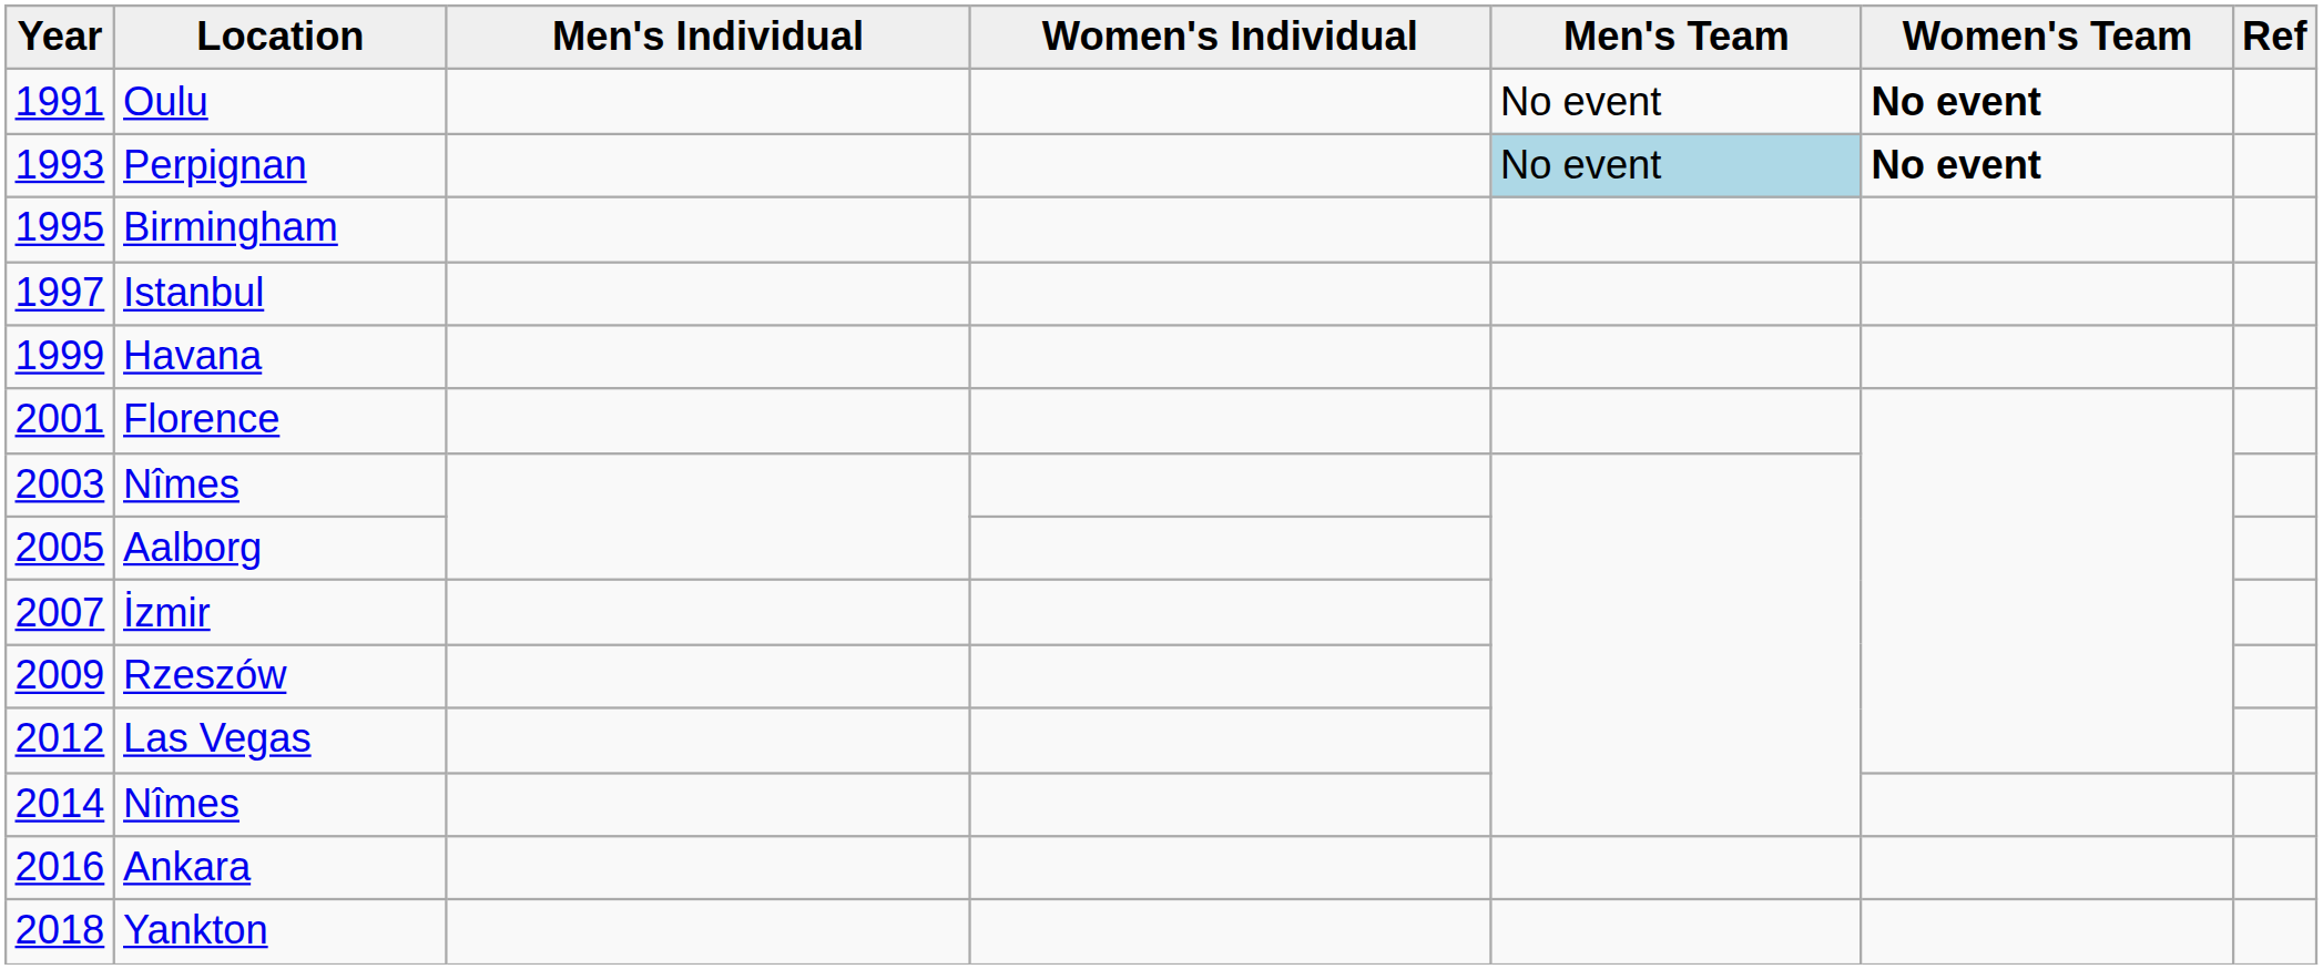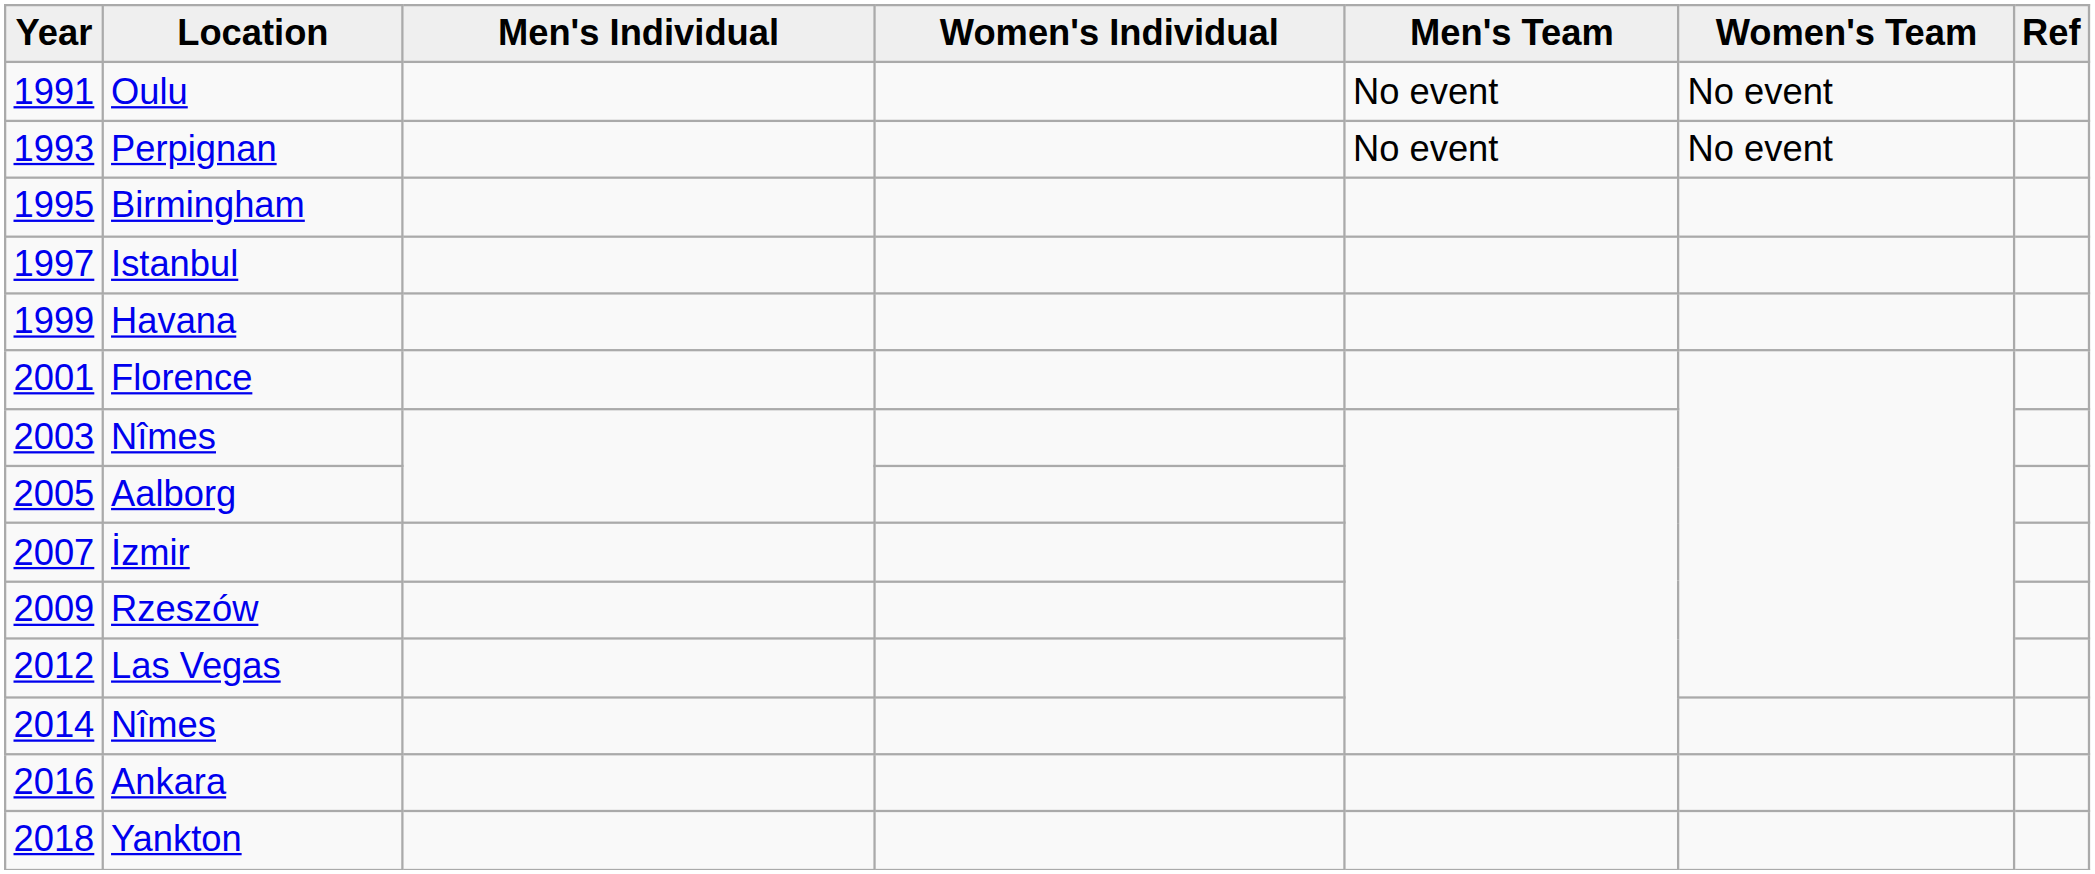 <table class="wikitable">
 <tr>
 <th scope="col" ! width="25" style="background: #efefef;">Year</th>
 <th scope="col" ! width="125" style="background: #efefef;">Location</th>
 <th scope="col" ! width="200" style="background: #efefef;">Men's Individual</th>
 <th scope="col" ! width="200" style="background: #efefef;">Women's Individual</th>
 <th scope="col" ! width="140" style="background: #efefef;">Men's Team</th>
 <th scope="col" ! width="140" style="background: #efefef;">Women's Team</th>
 <th scope="col" ! width="25" style="background: #efefef;">Ref</th>
 </tr>
 <tr>
 <td><a href='#'>1991</a></td>
 <td> <a href='#'>Oulu</a></td>
 <td></td>
 <td></td>
 <td>No event</td>
-<td><strong>No event</strong></td>
+<td>No event</td>
 <td></td>
 </tr>
 <tr>
 <td><a href='#'>1993</a></td>
 <td> <a href='#'>Perpignan</a></td>
 <td></td>
 <td></td>
-<td style="background: lightblue;">No event</td>
-<td><strong>No event</strong></td>
+<td>No event</td>
+<td>No event</td>
 <td></td>
 </tr>
 <tr>
 <td><a href='#'>1995</a></td>
 <td> <a href='#'>Birmingham</a></td>
 <td></td>
 <td></td>
 <td></td>
 <td></td>
 <td></td>
 </tr>
 <tr>
 <td><a href='#'>1997</a></td>
 <td> <a href='#'>Istanbul</a></td>
 <td></td>
 <td></td>
 <td></td>
 <td></td>
 <td></td>
 </tr>
 <tr>
 <td><a href='#'>1999</a></td>
 <td> <a href='#'>Havana</a></td>
 <td></td>
 <td></td>
 <td></td>
 <td></td>
 <td></td>
 </tr>
 <tr>
 <td><a href='#'>2001</a></td>
 <td> <a href='#'>Florence</a></td>
 <td></td>
 <td></td>
 <td></td>
 <td rowspan=6></td>
 <td></td>
 </tr>
 <tr>
 <td><a href='#'>2003</a></td>
 <td> <a href='#'>Nîmes</a></td>
 <td rowspan=2></td>
 <td></td>
 <td rowspan=6></td>
 <td></td>
 </tr>
 <tr>
 <td><a href='#'>2005</a></td>
 <td> <a href='#'>Aalborg</a></td>
 <td></td>
 <td></td>
 </tr>
 <tr>
 <td><a href='#'>2007</a></td>
 <td> <a href='#'>İzmir</a></td>
 <td></td>
 <td></td>
 <td></td>
 </tr>
 <tr>
 <td><a href='#'>2009</a></td>
 <td> <a href='#'>Rzeszów</a></td>
 <td></td>
 <td></td>
 <td></td>
 </tr>
 <tr>
 <td><a href='#'>2012</a></td>
 <td> <a href='#'>Las Vegas</a></td>
 <td></td>
 <td></td>
 <td></td>
 </tr>
 <tr>
 <td><a href='#'>2014</a></td>
 <td> <a href='#'>Nîmes</a></td>
 <td></td>
 <td></td>
 <td></td>
 <td></td>
 </tr>
 <tr>
 <td><a href='#'>2016</a></td>
 <td> <a href='#'>Ankara</a></td>
 <td></td>
 <td></td>
 <td></td>
 <td></td>
 <td></td>
 </tr>
 <tr>
 <td><a href='#'>2018</a></td>
 <td> <a href='#'>Yankton</a></td>
 <td></td>
 <td></td>
 <td></td>
 <td></td>
 <td></td>
 </tr>
 </table>
